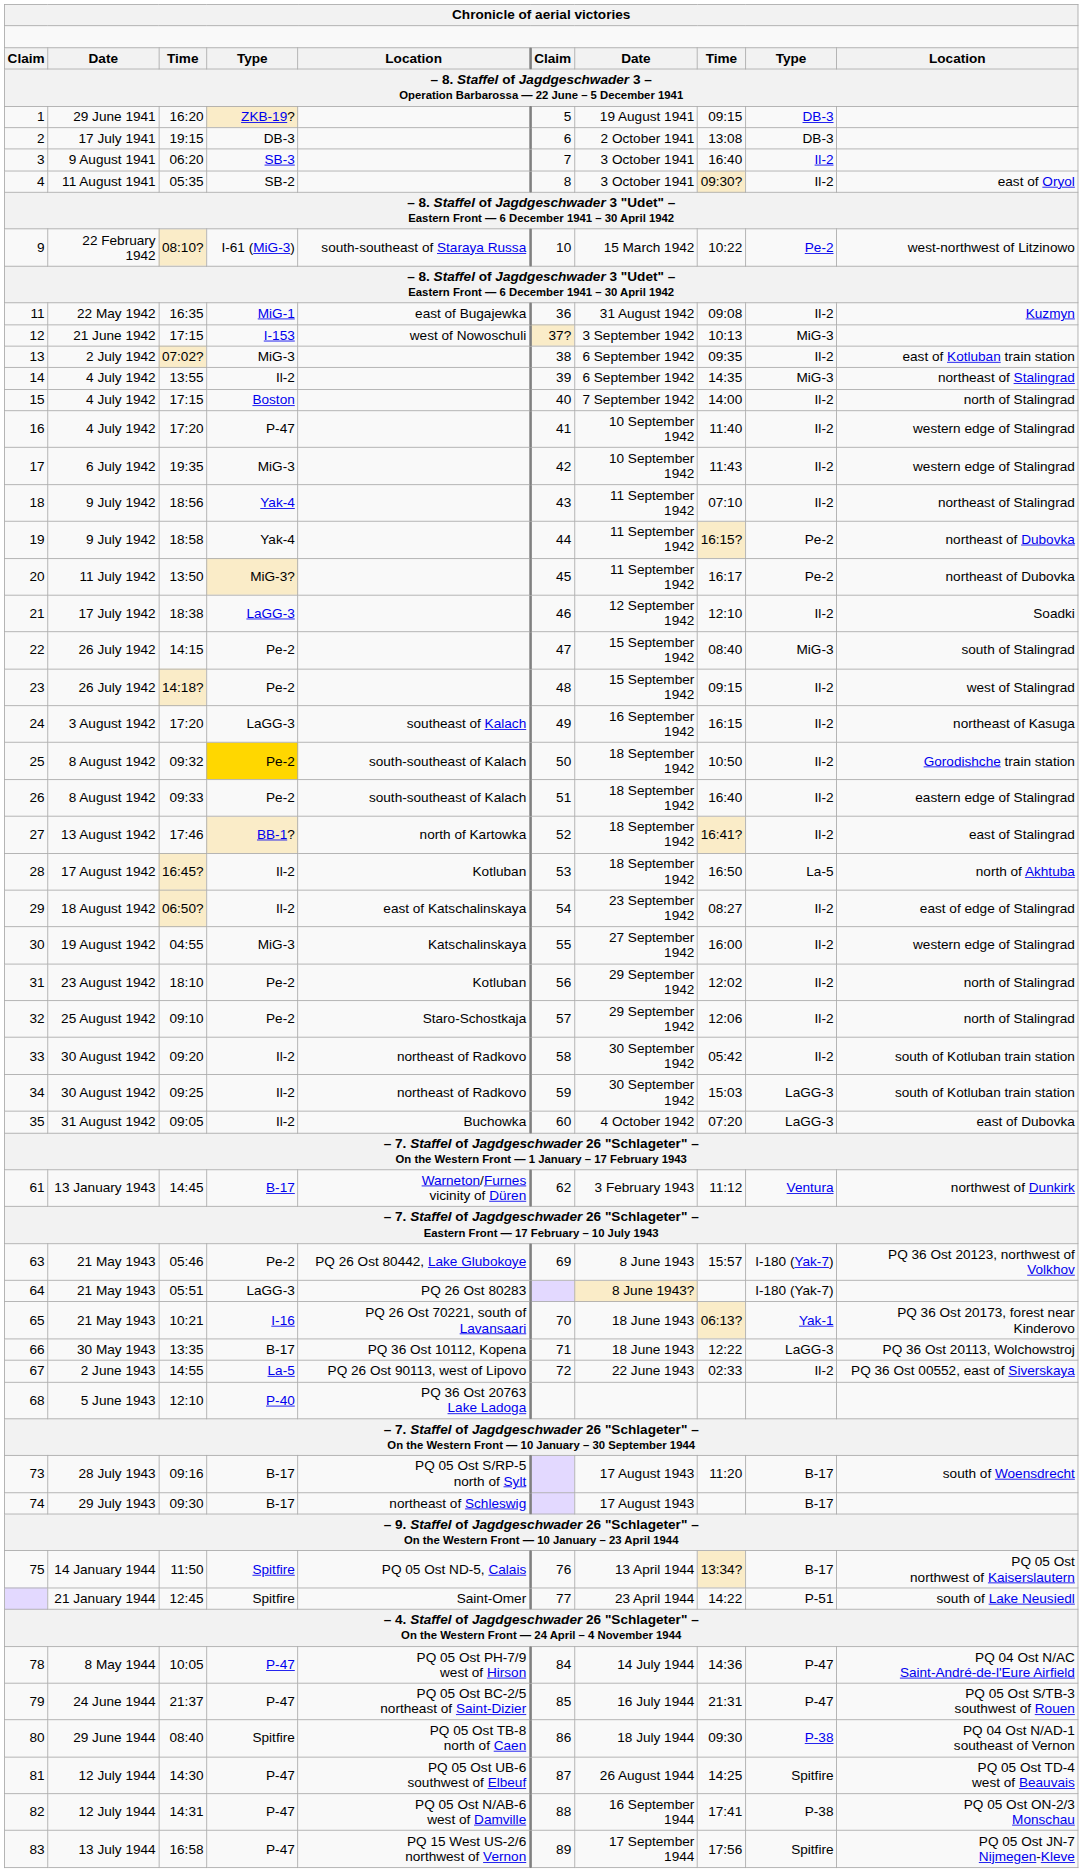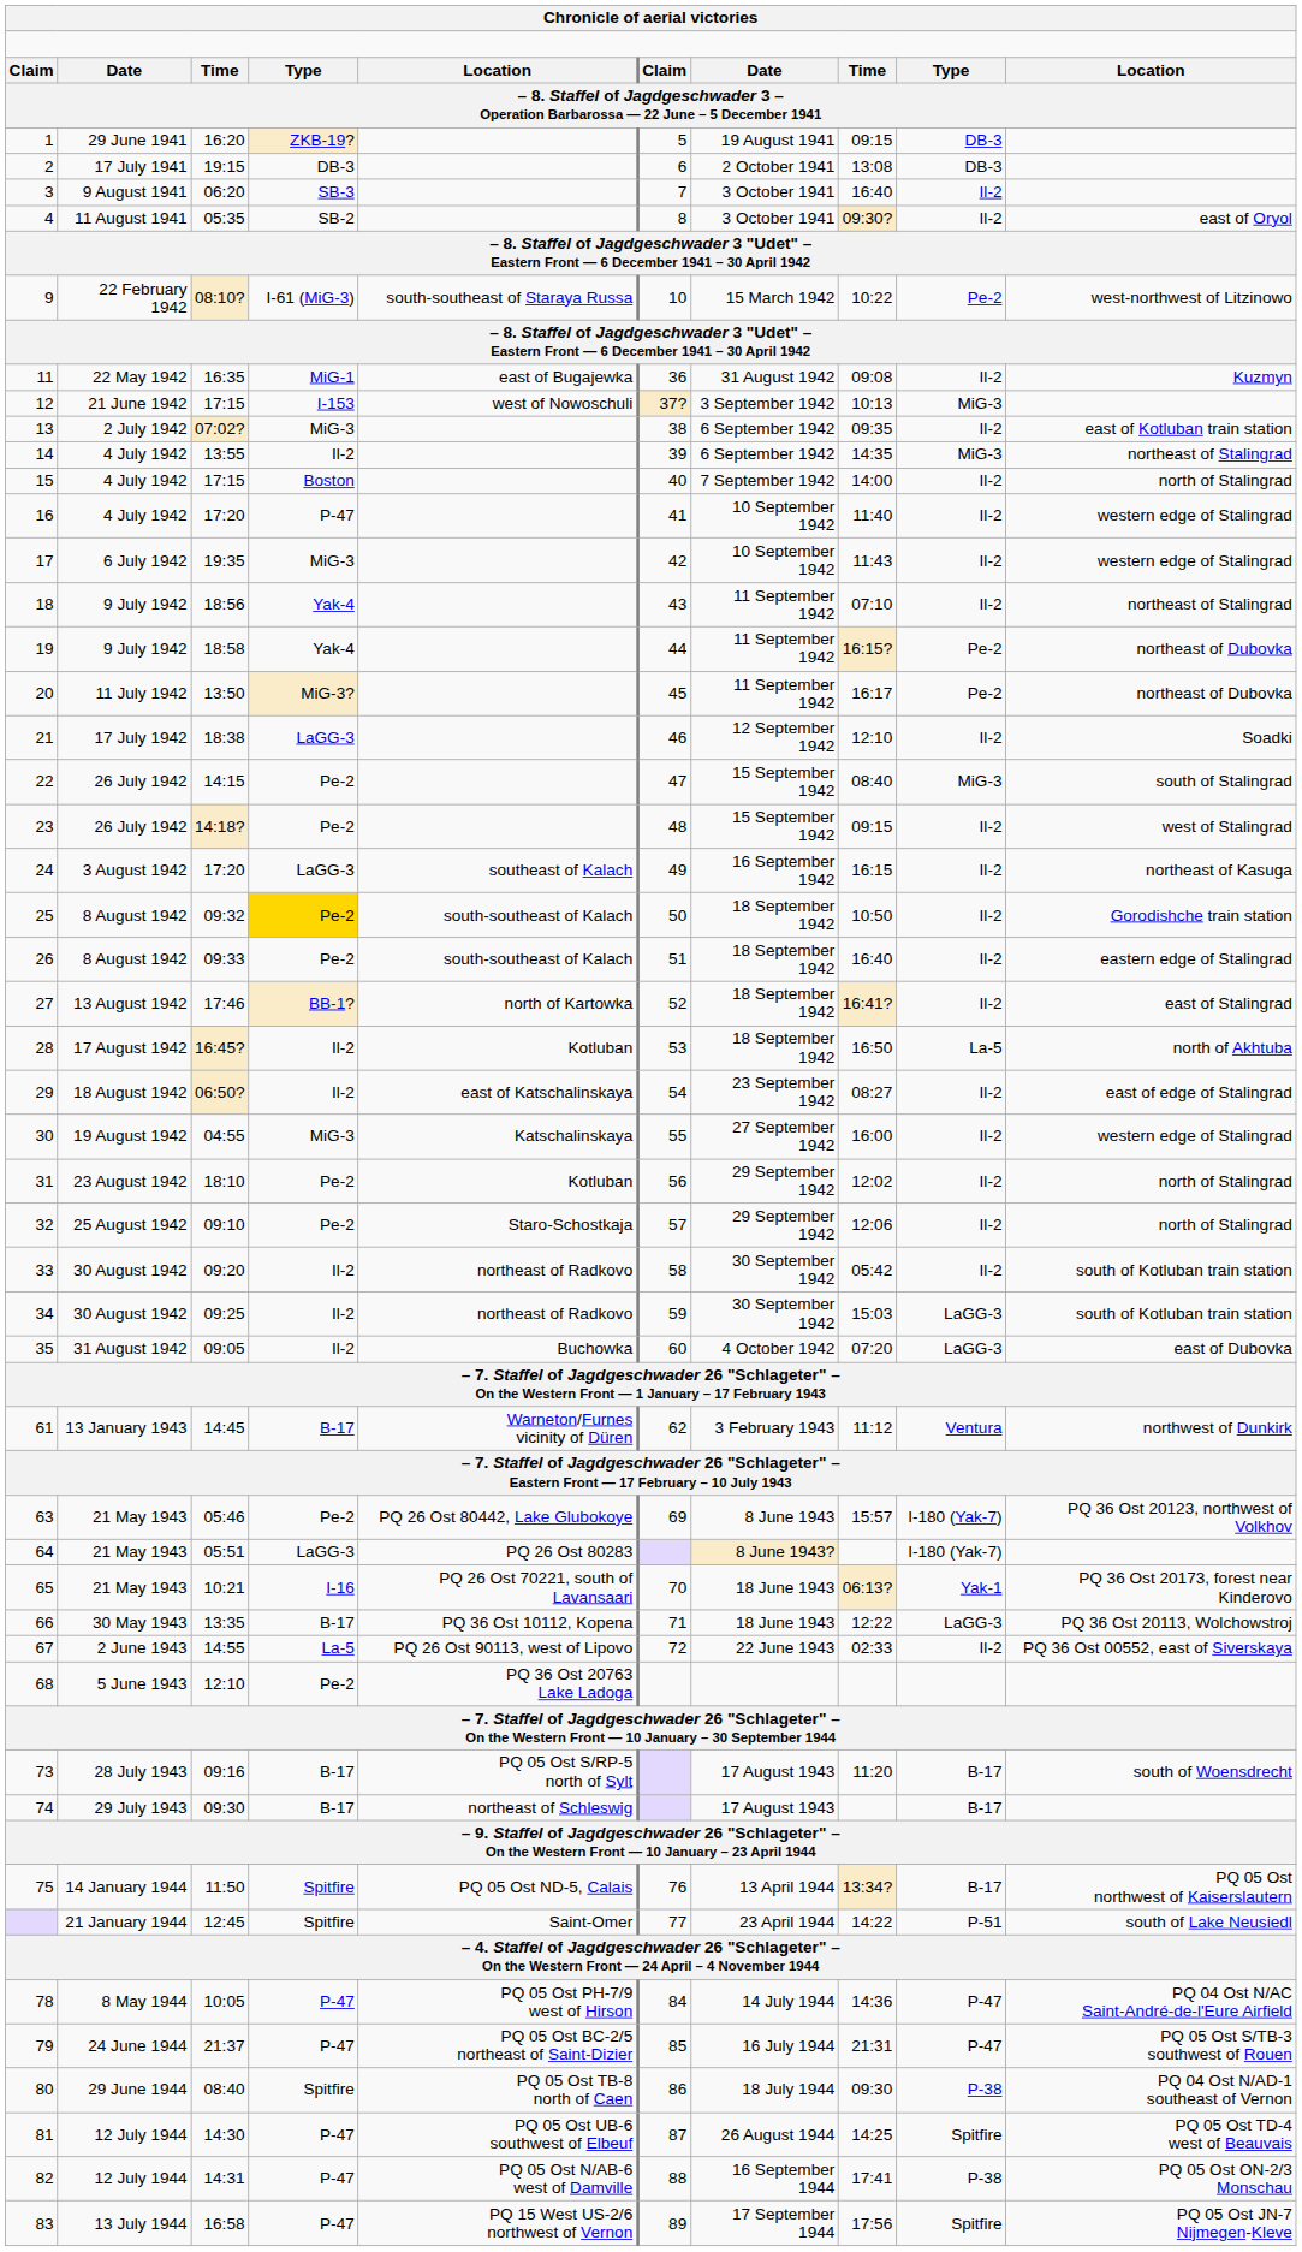 <table class="wikitable plainrowheaders collapsible" style="margin-left: auto; margin-right: auto; border: none; text-align:right; width: 100%;">
 <tr>
 <th colspan="10">Chronicle of aerial victories</th>
 </tr>
 <tr>
 <td colspan="10" style="text-align: left;"><br> </td>
 </tr>
 <tr>
 <th scope="col">Claim</th>
 <th scope="col">Date</th>
 <th scope="col">Time</th>
 <th scope="col" width="100px">Type</th>
 <th scope="col">Location</th>
 <th scope="col" style="border-left: 3px solid grey;">Claim</th>
 <th scope="col">Date</th>
 <th scope="col">Time</th>
 <th scope="col" width="100px">Type</th>
 <th scope="col">Location</th>
 </tr>
 <tr>
 <th colspan="10">– 8. <em>Staffel</em> of <em>Jagdgeschwader</em> 3 –<br><small>Operation Barbarossa — 22 June – 5 December 1941</small></th>
 </tr>
 <tr>
 <td>1</td>
 <td>29 June 1941</td>
 <td>16:20</td>
 <td style="background:#faecc8"><a href='#'>ZKB-19</a>?</td>
 <td></td>
 <td style="border-left: 3px solid grey;">5</td>
 <td>19 August 1941</td>
 <td>09:15</td>
 <td><a href='#'>DB-3</a></td>
 <td></td>
 </tr>
 <tr>
 <td>2</td>
 <td>17 July 1941</td>
 <td>19:15</td>
 <td>DB-3</td>
 <td></td>
 <td style="border-left: 3px solid grey;">6</td>
 <td>2 October 1941</td>
 <td>13:08</td>
 <td>DB-3</td>
 <td></td>
 </tr>
 <tr>
 <td>3</td>
 <td>9 August 1941</td>
 <td>06:20</td>
 <td><a href='#'>SB-3</a></td>
 <td></td>
 <td style="border-left: 3px solid grey;">7</td>
 <td>3 October 1941</td>
 <td>16:40</td>
 <td><a href='#'>Il-2</a></td>
 <td></td>
 </tr>
 <tr>
 <td>4</td>
 <td>11 August 1941</td>
 <td>05:35</td>
 <td>SB-2</td>
 <td></td>
 <td style="border-left: 3px solid grey;">8</td>
 <td>3 October 1941</td>
 <td style="background:#faecc8">09:30?</td>
 <td>Il-2</td>
 <td> east of <a href='#'>Oryol</a></td>
 </tr>
 <tr>
 <th colspan="10">– 8. <em>Staffel</em> of <em>Jagdgeschwader</em> 3 "Udet" –<br><small>Eastern Front — 6 December 1941 – 30 April 1942</small></th>
 </tr>
 <tr>
 <td>9</td>
 <td>22 February 1942</td>
 <td style="background:#faecc8">08:10?</td>
 <td>I-61 (<a href='#'>MiG-3</a>)</td>
 <td> south-southeast of <a href='#'>Staraya Russa</a></td>
 <td style="border-left: 3px solid grey;">10</td>
 <td>15 March 1942</td>
 <td>10:22</td>
 <td><a href='#'>Pe-2</a></td>
 <td> west-northwest of Litzinowo</td>
 </tr>
 <tr>
 <th colspan="10">– 8. <em>Staffel</em> of <em>Jagdgeschwader</em> 3 "Udet" –<br><small>Eastern Front — 6 December 1941 – 30 April 1942</small></th>
 </tr>
 <tr>
 <td>11</td>
 <td>22 May 1942</td>
 <td>16:35</td>
 <td><a href='#'>MiG-1</a></td>
 <td> east of Bugajewka</td>
 <td style="border-left: 3px solid grey;">36</td>
 <td>31 August 1942</td>
 <td>09:08</td>
 <td>Il-2</td>
 <td><a href='#'>Kuzmyn</a></td>
 </tr>
 <tr>
 <td>12</td>
 <td>21 June 1942</td>
 <td>17:15</td>
 <td><a href='#'>I-153</a></td>
 <td>west of Nowoschuli</td>
 <td style="border-left: 3px solid grey; background:#faecc8">37?</td>
 <td>3 September 1942</td>
 <td>10:13</td>
 <td>MiG-3</td>
 <td></td>
 </tr>
 <tr>
 <td>13</td>
 <td>2 July 1942</td>
 <td style="background:#faecc8">07:02?</td>
 <td>MiG-3</td>
 <td></td>
 <td style="border-left: 3px solid grey;">38</td>
 <td>6 September 1942</td>
 <td>09:35</td>
 <td>Il-2</td>
 <td> east of <a href='#'>Kotluban</a> train station</td>
 </tr>
 <tr>
 <td>14</td>
 <td>4 July 1942</td>
 <td>13:55</td>
 <td>Il-2</td>
 <td></td>
 <td style="border-left: 3px solid grey;">39</td>
 <td>6 September 1942</td>
 <td>14:35</td>
 <td>MiG-3</td>
 <td> northeast of <a href='#'>Stalingrad</a></td>
 </tr>
 <tr>
 <td>15</td>
 <td>4 July 1942</td>
 <td>17:15</td>
 <td><a href='#'>Boston</a></td>
 <td></td>
 <td style="border-left: 3px solid grey;">40</td>
 <td>7 September 1942</td>
 <td>14:00</td>
 <td>Il-2</td>
 <td> north of Stalingrad</td>
 </tr>
 <tr>
 <td>16</td>
 <td>4 July 1942</td>
 <td>17:20</td>
 <td>P-47</td>
 <td></td>
 <td style="border-left: 3px solid grey;">41</td>
 <td>10 September 1942</td>
 <td>11:40</td>
 <td>Il-2</td>
 <td>western edge of Stalingrad</td>
 </tr>
 <tr>
 <td>17</td>
 <td>6 July 1942</td>
 <td>19:35</td>
 <td>MiG-3</td>
 <td></td>
 <td style="border-left: 3px solid grey;">42</td>
 <td>10 September 1942</td>
 <td>11:43</td>
 <td>Il-2</td>
 <td>western edge of Stalingrad</td>
 </tr>
 <tr>
 <td>18</td>
 <td>9 July 1942</td>
 <td>18:56</td>
 <td><a href='#'>Yak-4</a></td>
 <td></td>
 <td style="border-left: 3px solid grey;">43</td>
 <td>11 September 1942</td>
 <td>07:10</td>
 <td>Il-2</td>
 <td> northeast of Stalingrad</td>
 </tr>
 <tr>
 <td>19</td>
 <td>9 July 1942</td>
 <td>18:58</td>
 <td>Yak-4</td>
 <td></td>
 <td style="border-left: 3px solid grey;">44</td>
 <td>11 September 1942</td>
 <td style="background:#faecc8">16:15?</td>
 <td>Pe-2</td>
 <td> northeast of <a href='#'>Dubovka</a></td>
 </tr>
 <tr>
 <td>20</td>
 <td>11 July 1942</td>
 <td>13:50</td>
 <td style="background:#faecc8">MiG-3?</td>
 <td></td>
 <td style="border-left: 3px solid grey;">45</td>
 <td>11 September 1942</td>
 <td>16:17</td>
 <td>Pe-2</td>
 <td> northeast of Dubovka</td>
 </tr>
 <tr>
 <td>21</td>
 <td>17 July 1942</td>
 <td>18:38</td>
 <td><a href='#'>LaGG-3</a></td>
 <td></td>
 <td style="border-left: 3px solid grey;">46</td>
 <td>12 September 1942</td>
 <td>12:10</td>
 <td>Il-2</td>
 <td>Soadki</td>
 </tr>
 <tr>
 <td>22</td>
 <td>26 July 1942</td>
 <td>14:15</td>
 <td>Pe-2</td>
 <td></td>
 <td style="border-left: 3px solid grey;">47</td>
 <td>15 September 1942</td>
 <td>08:40</td>
 <td>MiG-3</td>
 <td> south of Stalingrad</td>
 </tr>
 <tr>
 <td>23</td>
 <td>26 July 1942</td>
 <td style="background:#faecc8">14:18?</td>
 <td>Pe-2</td>
 <td></td>
 <td style="border-left: 3px solid grey;">48</td>
 <td>15 September 1942</td>
 <td>09:15</td>
 <td>Il-2</td>
 <td>west of Stalingrad</td>
 </tr>
 <tr>
 <td>24</td>
 <td>3 August 1942</td>
 <td>17:20</td>
 <td>LaGG-3</td>
 <td>southeast of <a href='#'>Kalach</a></td>
 <td style="border-left: 3px solid grey;">49</td>
 <td>16 September 1942</td>
 <td>16:15</td>
 <td>Il-2</td>
 <td> northeast of Kasuga</td>
 </tr>
 <tr>
 <td>25</td>
 <td>8 August 1942</td>
 <td>09:32</td>
 <td style="background: gold;">Pe-2</td>
 <td>south-southeast of Kalach</td>
 <td style="border-left: 3px solid grey;">50</td>
 <td>18 September 1942</td>
 <td>10:50</td>
 <td>Il-2</td>
 <td><a href='#'>Gorodishche</a> train station</td>
 </tr>
 <tr>
 <td>26</td>
 <td>8 August 1942</td>
 <td>09:33</td>
 <td>Pe-2</td>
 <td>south-southeast of Kalach</td>
 <td style="border-left: 3px solid grey;">51</td>
 <td>18 September 1942</td>
 <td>16:40</td>
 <td>Il-2</td>
 <td>eastern edge of Stalingrad</td>
 </tr>
 <tr>
 <td>27</td>
 <td>13 August 1942</td>
 <td>17:46</td>
 <td style="background:#faecc8"><a href='#'>BB-1</a>?</td>
 <td>north of Kartowka</td>
 <td style="border-left: 3px solid grey;">52</td>
 <td>18 September 1942</td>
 <td style="background:#faecc8">16:41?</td>
 <td>Il-2</td>
 <td> east of Stalingrad</td>
 </tr>
 <tr>
 <td>28</td>
 <td>17 August 1942</td>
 <td style="background:#faecc8">16:45?</td>
 <td>Il-2</td>
 <td>Kotluban</td>
 <td style="border-left: 3px solid grey;">53</td>
 <td>18 September 1942</td>
 <td>16:50</td>
 <td>La-5</td>
 <td> north of <a href='#'>Akhtuba</a></td>
 </tr>
 <tr>
 <td>29</td>
 <td>18 August 1942</td>
 <td style="background:#faecc8">06:50?</td>
 <td>Il-2</td>
 <td>east of Katschalinskaya</td>
 <td style="border-left: 3px solid grey;">54</td>
 <td>23 September 1942</td>
 <td>08:27</td>
 <td>Il-2</td>
 <td> east of edge of Stalingrad</td>
 </tr>
 <tr>
 <td>30</td>
 <td>19 August 1942</td>
 <td>04:55</td>
 <td>MiG-3</td>
 <td>Katschalinskaya</td>
 <td style="border-left: 3px solid grey;">55</td>
 <td>27 September 1942</td>
 <td>16:00</td>
 <td>Il-2</td>
 <td>western edge of Stalingrad</td>
 </tr>
 <tr>
 <td>31</td>
 <td>23 August 1942</td>
 <td>18:10</td>
 <td>Pe-2</td>
 <td>Kotluban</td>
 <td style="border-left: 3px solid grey;">56</td>
 <td>29 September 1942</td>
 <td>12:02</td>
 <td>Il-2</td>
 <td> north of Stalingrad</td>
 </tr>
 <tr>
 <td>32</td>
 <td>25 August 1942</td>
 <td>09:10</td>
 <td>Pe-2</td>
 <td>Staro-Schostkaja</td>
 <td style="border-left: 3px solid grey;">57</td>
 <td>29 September 1942</td>
 <td>12:06</td>
 <td>Il-2</td>
 <td> north of Stalingrad</td>
 </tr>
 <tr>
 <td>33</td>
 <td>30 August 1942</td>
 <td>09:20</td>
 <td>Il-2</td>
 <td>northeast of Radkovo</td>
 <td style="border-left: 3px solid grey;">58</td>
 <td>30 September 1942</td>
 <td>05:42</td>
 <td>Il-2</td>
 <td> south of Kotluban train station</td>
 </tr>
 <tr>
 <td>34</td>
 <td>30 August 1942</td>
 <td>09:25</td>
 <td>Il-2</td>
 <td>northeast of Radkovo</td>
 <td style="border-left: 3px solid grey;">59</td>
 <td>30 September 1942</td>
 <td>15:03</td>
 <td>LaGG-3</td>
 <td> south of Kotluban train station</td>
 </tr>
 <tr>
 <td>35</td>
 <td>31 August 1942</td>
 <td>09:05</td>
 <td>Il-2</td>
 <td>Buchowka</td>
 <td style="border-left: 3px solid grey;">60</td>
 <td>4 October 1942</td>
 <td>07:20</td>
 <td>LaGG-3</td>
 <td> east of Dubovka</td>
 </tr>
 <tr>
 <th colspan="10">– 7. <em>Staffel</em> of <em>Jagdgeschwader</em> 26 "Schlageter" –<br><small>On the Western Front — 1 January – 17 February 1943</small></th>
 </tr>
 <tr>
 <td>61</td>
 <td>13 January 1943</td>
 <td>14:45</td>
 <td><a href='#'>B-17</a></td>
 <td><a href='#'>Warneton</a>/<a href='#'>Furnes</a><br>vicinity of <a href='#'>Düren</a></td>
 <td style="border-left: 3px solid grey;">62</td>
 <td>3 February 1943</td>
 <td>11:12</td>
 <td><a href='#'>Ventura</a></td>
 <td>northwest of <a href='#'>Dunkirk</a></td>
 </tr>
 <tr>
 <th colspan="10">– 7. <em>Staffel</em> of <em>Jagdgeschwader</em> 26 "Schlageter" –<br><small>Eastern Front — 17 February – 10 July 1943</small></th>
 </tr>
 <tr>
 <td>63</td>
 <td>21 May 1943</td>
 <td>05:46</td>
 <td>Pe-2</td>
 <td>PQ 26 Ost 80442, <a href='#'>Lake Glubokoye</a></td>
 <td style="border-left: 3px solid grey;">69</td>
 <td>8 June 1943</td>
 <td>15:57</td>
 <td>I-180 (<a href='#'>Yak-7</a>)</td>
 <td>PQ 36 Ost 20123,  northwest of <a href='#'>Volkhov</a></td>
 </tr>
 <tr>
 <td>64</td>
 <td>21 May 1943</td>
 <td>05:51</td>
 <td>LaGG-3</td>
 <td>PQ 26 Ost 80283</td>
 <td style="border-left: 3px solid grey; background:#e3d9ff;"></td>
 <td style="background:#faecc8">8 June 1943?</td>
 <td></td>
 <td>I-180 (Yak-7)</td>
 <td></td>
 </tr>
 <tr>
 <td>65</td>
 <td>21 May 1943</td>
 <td>10:21</td>
 <td><a href='#'>I-16</a></td>
 <td>PQ 26 Ost 70221, south of <a href='#'>Lavansaari</a></td>
 <td style="border-left: 3px solid grey;">70</td>
 <td>18 June 1943</td>
 <td style="background:#faecc8">06:13?</td>
 <td><a href='#'>Yak-1</a></td>
 <td>PQ 36 Ost 20173, forest near Kinderovo</td>
 </tr>
 <tr>
 <td>66</td>
 <td>30 May 1943</td>
 <td>13:35</td>
 <td>B-17</td>
 <td>PQ 36 Ost 10112, Kopena</td>
 <td style="border-left: 3px solid grey;">71</td>
 <td>18 June 1943</td>
 <td>12:22</td>
 <td>LaGG-3</td>
 <td>PQ 36 Ost 20113, Wolchowstroj</td>
 </tr>
 <tr>
 <td>67</td>
 <td>2 June 1943</td>
 <td>14:55</td>
 <td><a href='#'>La-5</a></td>
 <td>PQ 26 Ost 90113,  west of Lipovo</td>
 <td style="border-left: 3px solid grey;">72</td>
 <td>22 June 1943</td>
 <td>02:33</td>
 <td>Il-2</td>
 <td>PQ 36 Ost 00552, east of <a href='#'>Siverskaya</a></td>
 </tr>
 <tr>
 <td>68</td>
 <td>5 June 1943</td>
 <td>12:10</td>
-<td><a href='#'>P-40</a></td>
+<td>Pe-2</td>
 <td>PQ 36 Ost 20763<br><a href='#'>Lake Ladoga</a></td>
 <td style="border-left: 3px solid grey;"></td>
 <td></td>
 <td></td>
 <td></td>
 <td></td>
 </tr>
 <tr>
 <th colspan="10">– 7. <em>Staffel</em> of <em>Jagdgeschwader</em> 26 "Schlageter" –<br><small>On the Western Front — 10 January – 30 September 1944</small></th>
 </tr>
 <tr>
 <td>73</td>
 <td>28 July 1943</td>
 <td>09:16</td>
 <td>B-17</td>
 <td>PQ 05 Ost S/RP-5<br>north of <a href='#'>Sylt</a></td>
 <td style="border-left: 3px solid grey; background:#e3d9ff;"></td>
 <td>17 August 1943</td>
 <td>11:20</td>
 <td>B-17</td>
 <td>south of <a href='#'>Woensdrecht</a></td>
 </tr>
 <tr>
 <td>74</td>
 <td>29 July 1943</td>
 <td>09:30</td>
 <td>B-17</td>
 <td> northeast of <a href='#'>Schleswig</a></td>
 <td style="border-left: 3px solid grey; background:#e3d9ff;"></td>
 <td>17 August 1943</td>
 <td></td>
 <td>B-17</td>
 <td></td>
 </tr>
 <tr>
 <th colspan="10">– 9. <em>Staffel</em> of <em>Jagdgeschwader</em> 26 "Schlageter" –<br><small>On the Western Front — 10 January – 23 April 1944</small></th>
 </tr>
 <tr>
 <td>75</td>
 <td>14 January 1944</td>
 <td>11:50</td>
 <td><a href='#'>Spitfire</a></td>
 <td>PQ 05 Ost ND-5, <a href='#'>Calais</a></td>
 <td style="border-left: 3px solid grey;">76</td>
 <td>13 April 1944</td>
 <td style="background:#faecc8">13:34?</td>
 <td>B-17</td>
 <td>PQ 05 Ost<br>northwest of <a href='#'>Kaiserslautern</a></td>
 </tr>
 <tr>
 <td style="background:#e3d9ff;"></td>
 <td>21 January 1944</td>
 <td>12:45</td>
 <td>Spitfire</td>
 <td>Saint-Omer</td>
 <td style="border-left: 3px solid grey;">77</td>
 <td>23 April 1944</td>
 <td>14:22</td>
 <td>P-51</td>
 <td>south of <a href='#'>Lake Neusiedl</a></td>
 </tr>
 <tr>
 <th colspan="10">– 4. <em>Staffel</em> of <em>Jagdgeschwader</em> 26 "Schlageter" –<br><small>On the Western Front — 24 April – 4 November 1944</small></th>
 </tr>
 <tr>
 <td>78</td>
 <td>8 May 1944</td>
 <td>10:05</td>
 <td><a href='#'>P-47</a></td>
 <td>PQ 05 Ost PH-7/9<br>west of <a href='#'>Hirson</a></td>
 <td style="border-left: 3px solid grey;">84</td>
 <td>14 July 1944</td>
 <td>14:36</td>
 <td>P-47</td>
 <td>PQ 04 Ost N/AC<br><a href='#'>Saint-André-de-l'Eure Airfield</a></td>
 </tr>
 <tr>
 <td>79</td>
 <td>24 June 1944</td>
 <td>21:37</td>
 <td>P-47</td>
 <td>PQ 05 Ost BC-2/5<br> northeast of <a href='#'>Saint-Dizier</a></td>
 <td style="border-left: 3px solid grey;">85</td>
 <td>16 July 1944</td>
 <td>21:31</td>
 <td>P-47</td>
 <td>PQ 05 Ost S/TB-3<br> southwest of <a href='#'>Rouen</a></td>
 </tr>
 <tr>
 <td>80</td>
 <td>29 June 1944</td>
 <td>08:40</td>
 <td>Spitfire</td>
 <td>PQ 05 Ost TB-8<br>north of <a href='#'>Caen</a></td>
 <td style="border-left: 3px solid grey;">86</td>
 <td>18 July 1944</td>
 <td>09:30</td>
 <td><a href='#'>P-38</a></td>
 <td>PQ 04 Ost N/AD-1<br> southeast of Vernon</td>
 </tr>
 <tr>
 <td>81</td>
 <td>12 July 1944</td>
 <td>14:30</td>
 <td>P-47</td>
 <td>PQ 05 Ost UB-6<br>southwest of <a href='#'>Elbeuf</a></td>
 <td style="border-left: 3px solid grey;">87</td>
 <td>26 August 1944</td>
 <td>14:25</td>
 <td>Spitfire</td>
 <td>PQ 05 Ost TD-4<br>west of <a href='#'>Beauvais</a></td>
 </tr>
 <tr>
 <td>82</td>
 <td>12 July 1944</td>
 <td>14:31</td>
 <td>P-47</td>
 <td>PQ 05 Ost N/AB-6<br>west of <a href='#'>Damville</a></td>
 <td style="border-left: 3px solid grey;">88</td>
 <td>16 September 1944</td>
 <td>17:41</td>
 <td>P-38</td>
 <td>PQ 05 Ost ON-2/3<br><a href='#'>Monschau</a></td>
 </tr>
 <tr>
 <td>83</td>
 <td>13 July 1944</td>
 <td>16:58</td>
 <td>P-47</td>
 <td>PQ 15 West US-2/6<br>northwest of <a href='#'>Vernon</a></td>
 <td style="border-left: 3px solid grey;">89</td>
 <td>17 September 1944</td>
 <td>17:56</td>
 <td>Spitfire</td>
 <td>PQ 05 Ost JN-7<br><a href='#'>Nijmegen</a>-<a href='#'>Kleve</a></td>
 </tr>
 </table>
